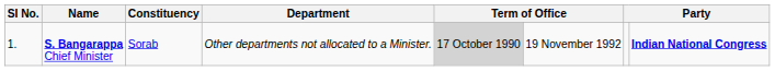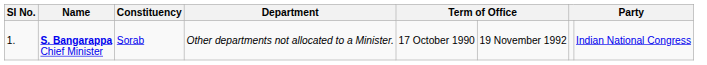 <table class="wikitable">
 <tr>
 <th>SI No.</th>
 <th>Name</th>
 <th>Constituency</th>
 <th>Department</th>
 <th colspan="2">Term of Office</th>
 <th colspan="2">Party</th>
 </tr>
 <tr>
 <td>1.</td>
 <td><br><strong><a href='#'>S. Bangarappa</a></strong><br><a href='#'>Chief Minister</a></td>
 <td><a href='#'>Sorab</a></td>
 <td><em>Other departments not allocated to a Minister.</em></td>
-<td style="background: lightgrey;">17 October 1990</td>
+<td>17 October 1990</td>
 <td>19 November 1992</td>
 <td style="background:"></td>
-<td><strong><a href='#'>Indian National Congress</a></strong></td>
+<td><a href='#'>Indian National Congress</a></td>
 </tr>
 </table>
